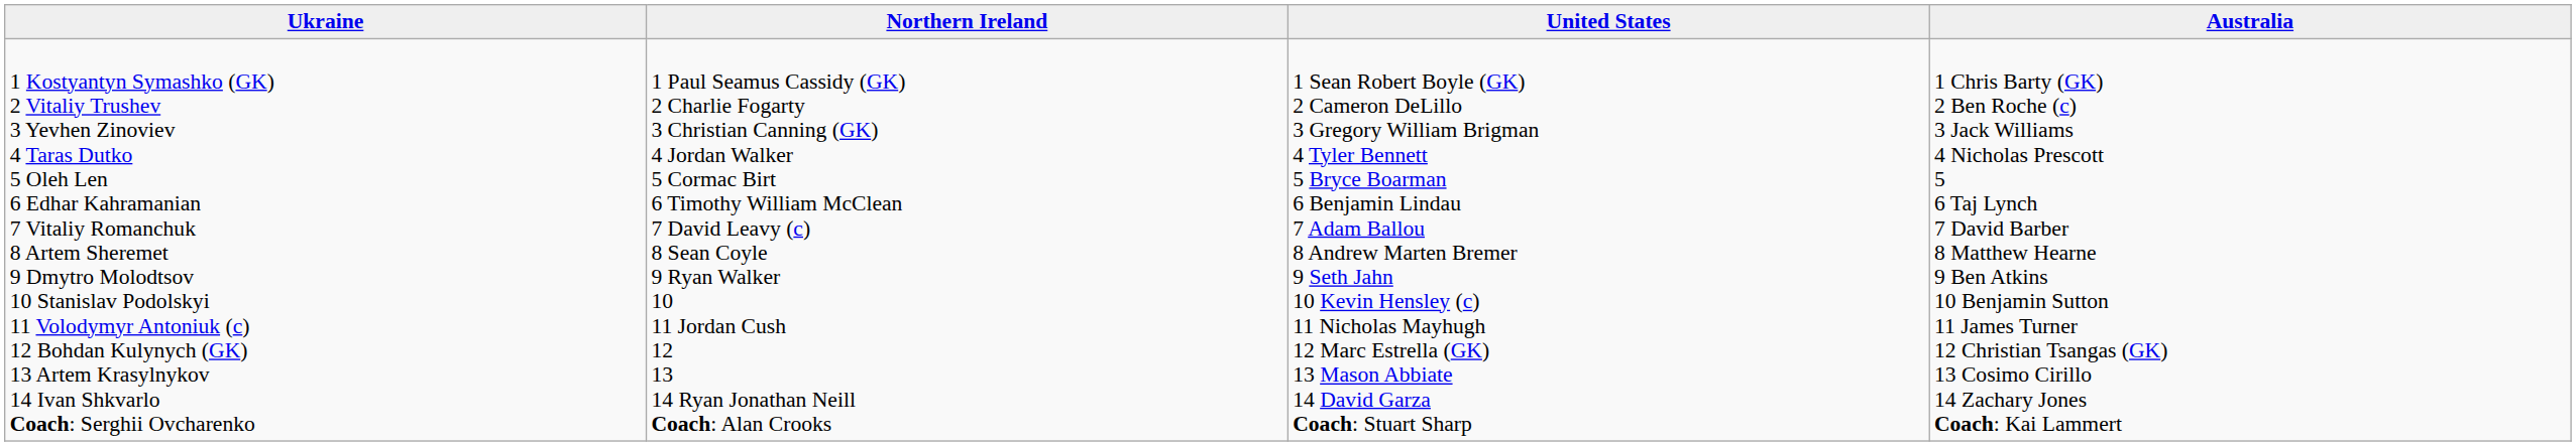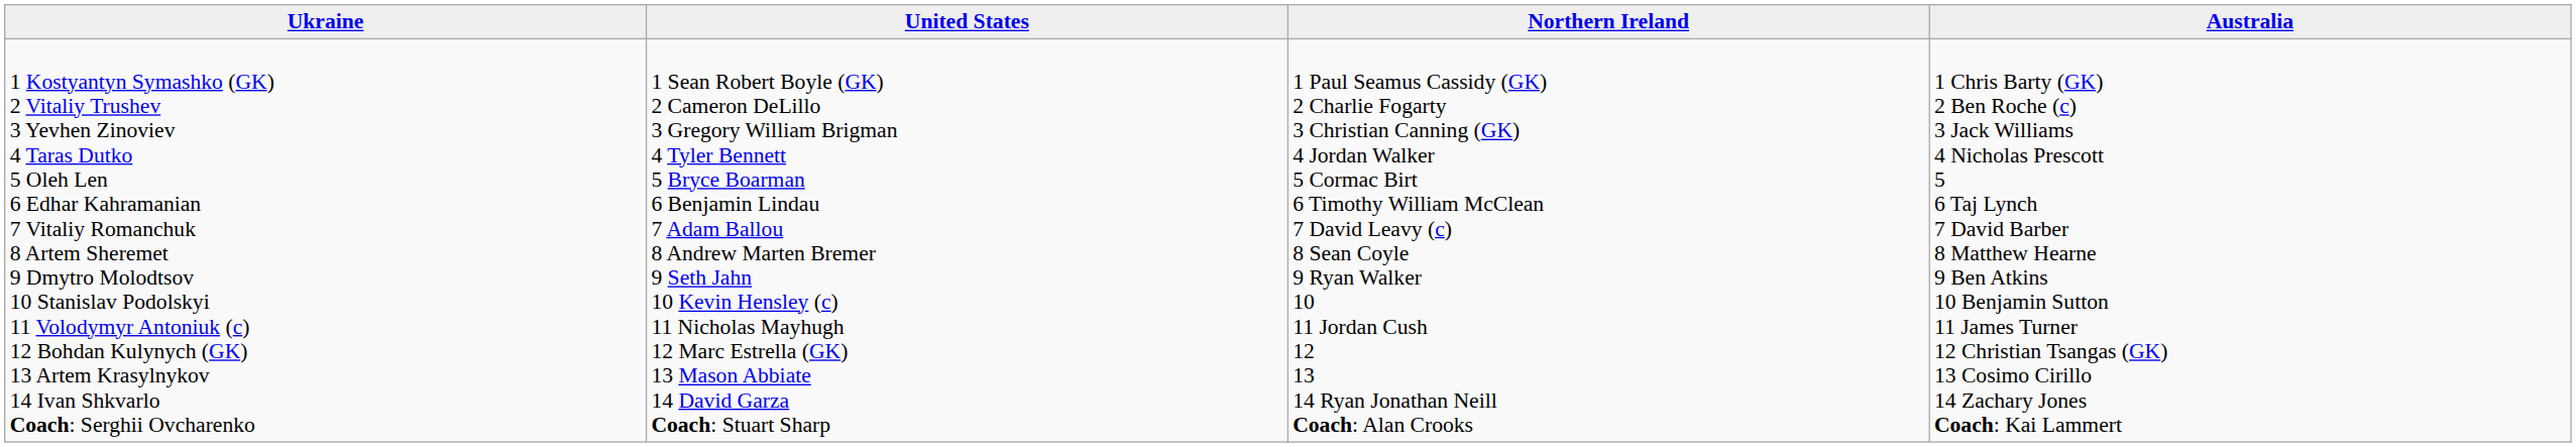 <table class="wikitable mw-collapsible mw-collapsed" cellpadding=5 cellspacing=0 style="width:95%">
 <tr align=center>
 <td bgcolor="#efefef" width="200"><strong> <a href='#'>Ukraine</a></strong></td>
+<td bgcolor="#efefef" width="200"><strong> <a href='#'>United States</a></strong></td>
 <td bgcolor="#efefef" width="200"><strong> <a href='#'>Northern Ireland</a></strong></td>
-<td bgcolor="#efefef" width="200"><strong> <a href='#'>United States</a></strong></td>
 <td bgcolor="#efefef" width="200"><strong> <a href='#'>Australia</a></strong></td>
 </tr>
 <tr valign=top>
 <td><br>1 <a href='#'>Kostyantyn Symashko</a> (<a href='#'>GK</a>)<br> 2 <a href='#'>Vitaliy Trushev</a><br> 3 Yevhen Zinoviev<br> 4 <a href='#'>Taras Dutko</a><br> 5 Oleh Len<br> 6 Edhar Kahramanian<br> 7 Vitaliy Romanchuk<br> 8 Artem Sheremet<br> 9 Dmytro Molodtsov<br> 10 Stanislav Podolskyi<br> 11 <a href='#'>Volodymyr Antoniuk</a> (<a href='#'>c</a>)<br> 12 Bohdan Kulynych (<a href='#'>GK</a>)<br> 13 Artem Krasylnykov<br> 14 Ivan Shkvarlo<br> <strong>Coach</strong>: Serghii Ovcharenko</td>
+<td><br>1 Sean Robert Boyle (<a href='#'>GK</a>)<br> 2 Cameron DeLillo<br> 3 Gregory William Brigman<br> 4 <a href='#'>Tyler Bennett</a><br> 5 <a href='#'>Bryce Boarman</a><br> 6 Benjamin Lindau<br> 7 <a href='#'>Adam Ballou</a><br> 8 Andrew Marten Bremer<br> 9 <a href='#'>Seth Jahn</a><br> 10 <a href='#'>Kevin Hensley</a> (<a href='#'>c</a>)<br> 11 Nicholas Mayhugh<br> 12 Marc Estrella (<a href='#'>GK</a>)<br> 13 <a href='#'>Mason Abbiate</a><br> 14 <a href='#'>David Garza</a><br> <strong>Coach</strong>: Stuart Sharp</td>
 <td><br>1 Paul Seamus Cassidy (<a href='#'>GK</a>)<br> 2 Charlie Fogarty<br> 3 Christian Canning (<a href='#'>GK</a>)<br> 4 Jordan Walker<br> 5 Cormac Birt<br> 6 Timothy William McClean<br> 7 David Leavy (<a href='#'>c</a>)<br> 8 Sean Coyle<br> 9 Ryan Walker<br> 10 <br> 11 Jordan Cush<br> 12 <br> 13 <br> 14 Ryan Jonathan Neill<br> <strong>Coach</strong>: Alan Crooks</td>
-<td><br>1 Sean Robert Boyle (<a href='#'>GK</a>)<br> 2 Cameron DeLillo<br> 3 Gregory William Brigman<br> 4 <a href='#'>Tyler Bennett</a><br> 5 <a href='#'>Bryce Boarman</a><br> 6 Benjamin Lindau<br> 7 <a href='#'>Adam Ballou</a><br> 8 Andrew Marten Bremer<br> 9 <a href='#'>Seth Jahn</a><br> 10 <a href='#'>Kevin Hensley</a> (<a href='#'>c</a>)<br> 11 Nicholas Mayhugh<br> 12 Marc Estrella (<a href='#'>GK</a>)<br> 13 <a href='#'>Mason Abbiate</a><br> 14 <a href='#'>David Garza</a><br> <strong>Coach</strong>: Stuart Sharp</td>
 <td><br>1 Chris Barty (<a href='#'>GK</a>)<br> 2 Ben Roche (<a href='#'>c</a>)<br> 3 Jack Williams<br> 4 Nicholas Prescott<br> 5 <br> 6 Taj Lynch<br> 7 David Barber<br> 8 Matthew Hearne<br> 9 Ben Atkins<br> 10 Benjamin Sutton<br> 11 James Turner<br> 12 Christian Tsangas (<a href='#'>GK</a>)<br> 13 Cosimo Cirillo<br> 14 Zachary Jones<br> <strong>Coach</strong>: Kai Lammert</td>
 </tr>
 </table>
